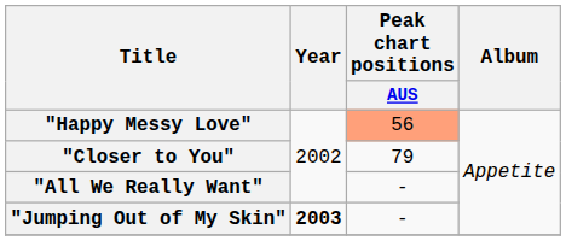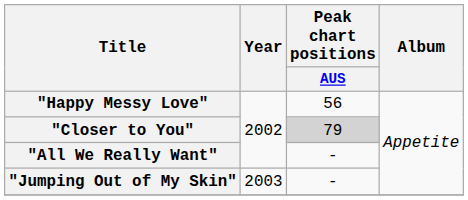 <table class="wikitable plainrowheaders" style="text-align:center;">
 <tr>
 <th scope="col" rowspan="2">Title</th>
 <th scope="col" rowspan="2">Year</th>
 <th scope="col" colspan="1">Peak chart positions</th>
 <th scope="col" rowspan="2">Album</th>
 </tr>
 <tr>
 <th scope="col" style="width:3em;font-size:90%;"><a href='#'>AUS</a><br></th>
 </tr>
 <tr>
 <th scope="row">"Happy Messy Love"</th>
 <td rowspan="3">2002</td>
-<td style="background: lightsalmon;">56</td>
+<td>56</td>
 <td rowspan="4"><em>Appetite</em></td>
 </tr>
 <tr>
 <th scope="row">"Closer to You"</th>
-<td>79</td>
+<td style="background: lightgrey;">79</td>
 </tr>
 <tr>
 <th scope="row">"All We Really Want"</th>
 <td>-</td>
 </tr>
 <tr>
 <th scope="row">"Jumping Out of My Skin"</th>
-<td><strong>2003</strong></td>
+<td>2003</td>
 <td>-</td>
 </tr>
 <tr>
 </tr>
 </table>
